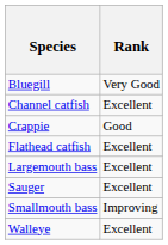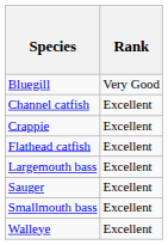 <table class="wikitable sortable mw-collapsible">
 <tr>
 <th><br><h3>Species</h3></th>
 <th><br><h3>Rank</h3></th>
 </tr>
 <tr>
 <td><a href='#'>Bluegill</a></td>
 <td>Very Good</td>
 </tr>
 <tr>
 <td><a href='#'>Channel catfish</a></td>
 <td>Excellent</td>
 </tr>
 <tr>
 <td><a href='#'>Crappie</a></td>
-<td>Good</td>
+<td>Excellent</td>
 </tr>
 <tr>
 <td><a href='#'>Flathead catfish</a></td>
 <td>Excellent</td>
 </tr>
 <tr>
 <td><a href='#'>Largemouth bass</a></td>
 <td>Excellent</td>
 </tr>
 <tr>
 <td><a href='#'>Sauger</a></td>
 <td>Excellent</td>
 </tr>
 <tr>
 <td><a href='#'>Smallmouth bass</a></td>
-<td>Improving</td>
+<td>Excellent</td>
 </tr>
 <tr>
 <td><a href='#'>Walleye</a></td>
 <td>Excellent</td>
 </tr>
 </table>
